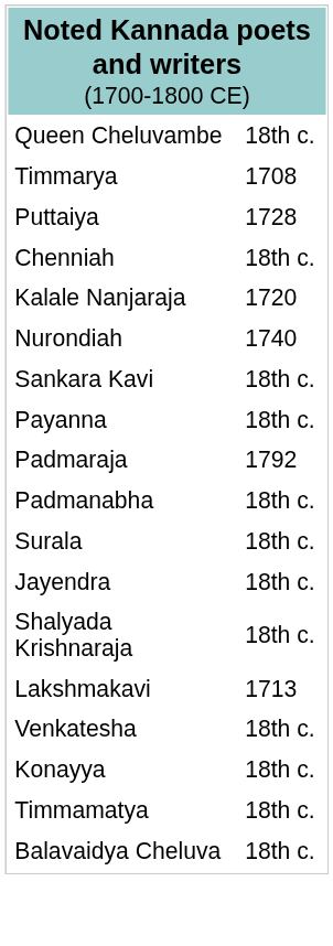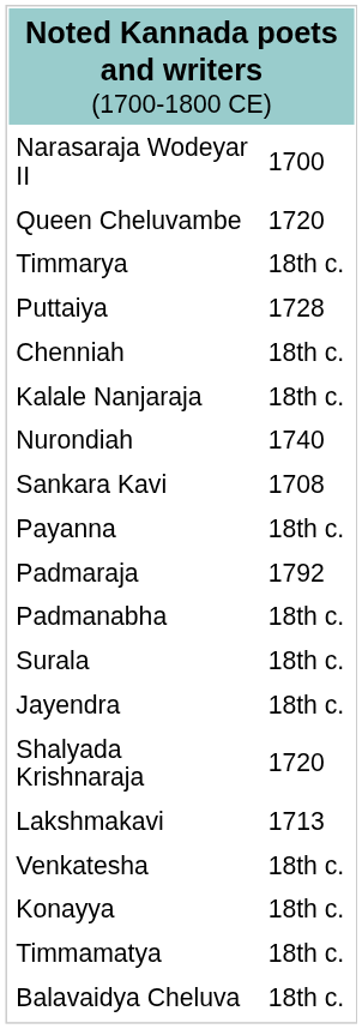 <table width="200" cellpadding="4" cellspacing="1" style="float: right; margin: 0 0 1em 1em; font-family: arial; font-size: 90%; background-color: ##F0F8FF; border: 1px solid #cccccc;">
 <tr>
 <td colspan="2" style="text-align:center;background-color:#99CCCC"><big><strong>Noted Kannada poets and writers</strong></big> <br>(1700-1800 CE)</td>
 </tr>
 <tr>
+<td>Narasaraja Wodeyar II</td>
+<td>1700</td>
+</tr>
+<tr>
 <td>Queen Cheluvambe</td>
-<td>18th c.</td>
+<td>1720</td>
 </tr>
 <tr>
 <td>Timmarya</td>
-<td>1708</td>
+<td>18th c.</td>
 </tr>
 <tr>
 <td>Puttaiya</td>
 <td>1728</td>
 </tr>
 <tr>
 <td>Chenniah</td>
 <td>18th c.</td>
 </tr>
 <tr>
 <td>Kalale Nanjaraja</td>
-<td>1720</td>
+<td>18th c.</td>
 </tr>
 <tr>
 <td>Nurondiah</td>
 <td>1740</td>
 </tr>
 <tr>
 <td>Sankara Kavi</td>
-<td>18th c.</td>
+<td>1708</td>
 </tr>
 <tr>
 <td>Payanna</td>
 <td>18th c.</td>
 </tr>
 <tr>
 <td>Padmaraja</td>
 <td>1792</td>
 </tr>
 <tr>
 <td>Padmanabha</td>
 <td>18th c.</td>
 </tr>
 <tr>
 <td>Surala</td>
 <td>18th c.</td>
 </tr>
 <tr>
 <td>Jayendra</td>
 <td>18th c.</td>
 </tr>
 <tr>
 <td>Shalyada Krishnaraja</td>
-<td>18th c.</td>
+<td>1720</td>
 </tr>
 <tr>
 <td>Lakshmakavi</td>
 <td>1713</td>
 </tr>
 <tr>
 <td>Venkatesha</td>
 <td>18th c.</td>
 </tr>
 <tr>
 <td>Konayya</td>
 <td>18th c.</td>
 </tr>
 <tr>
 <td>Timmamatya</td>
 <td>18th c.</td>
 </tr>
 <tr>
 <td>Balavaidya Cheluva</td>
 <td>18th c.</td>
 </tr>
 <tr>
 </tr>
 </table>
